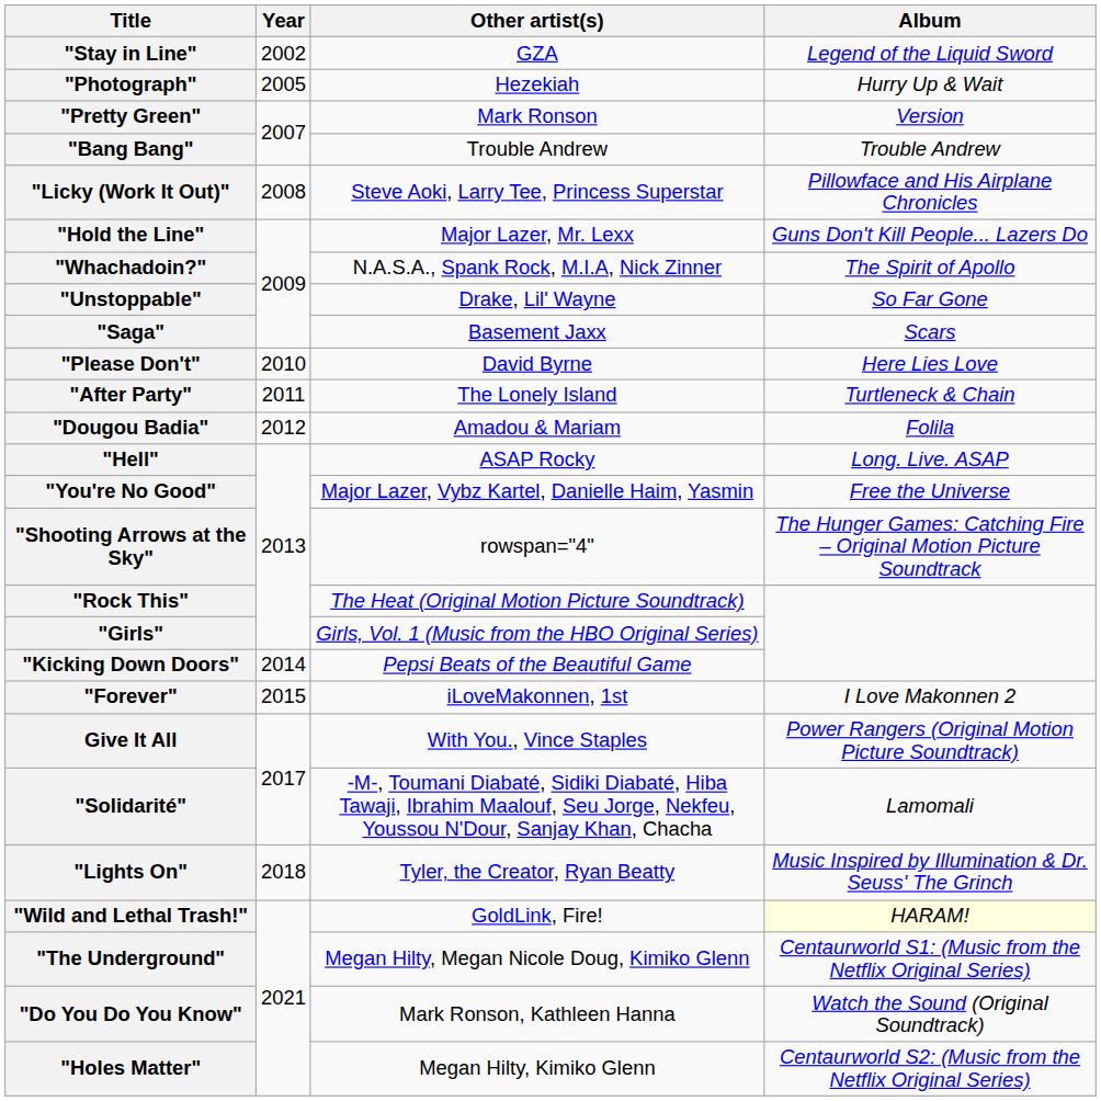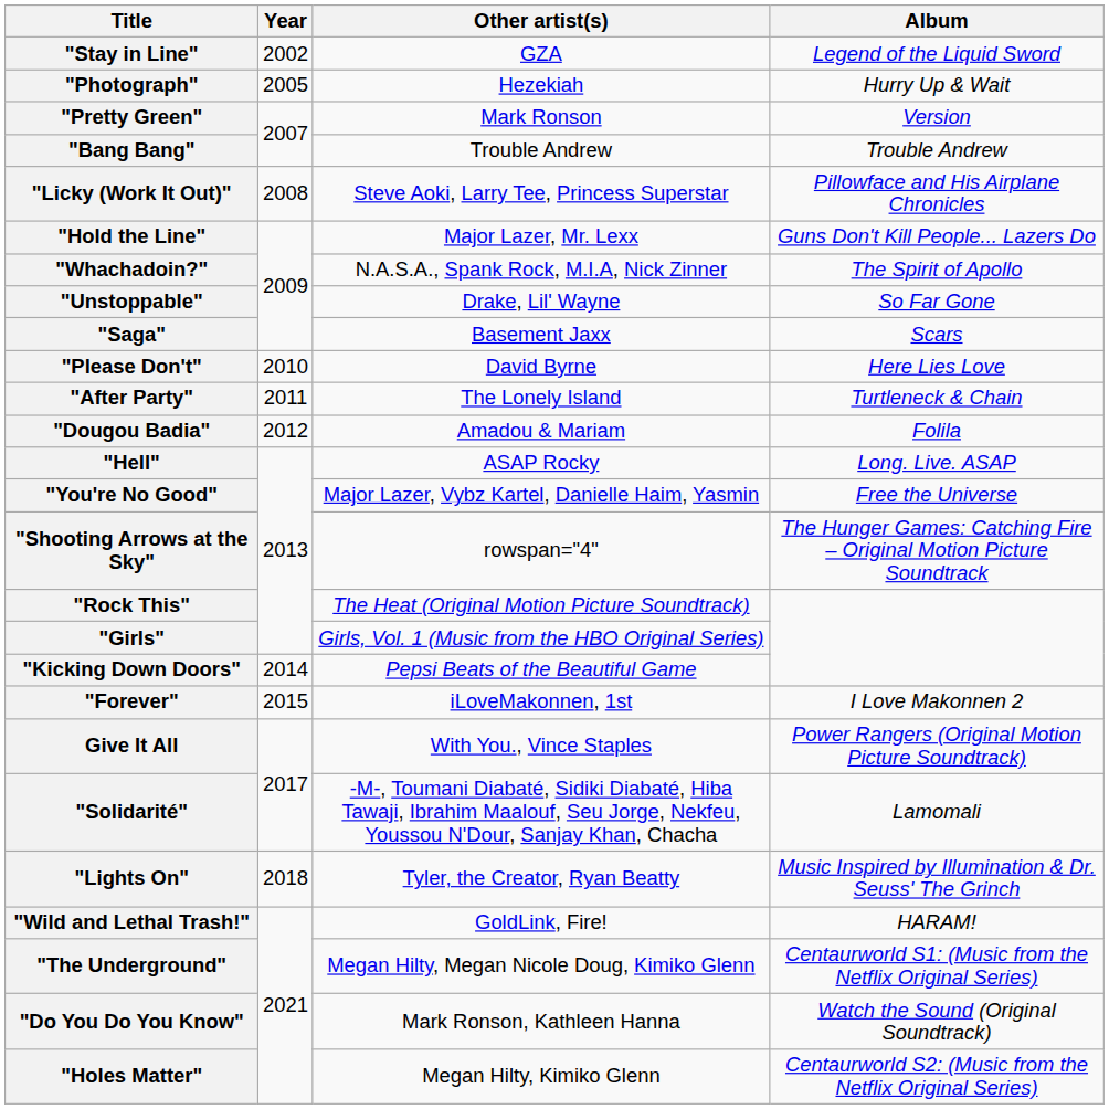 <table class="wikitable plainrowheaders" style="text-align:center">
 <tr>
 <th scope="col" style="width:12em;">Title</th>
 <th scope="col" style="width:1em;">Year</th>
 <th scope="col" style="width:22em;">Other artist(s)</th>
 <th scope="col" style="width:16em;">Album</th>
 </tr>
 <tr>
 <th scope="row">"Stay in Line"</th>
 <td>2002</td>
 <td><a href='#'>GZA</a></td>
 <td><em><a href='#'>Legend of the Liquid Sword</a></em></td>
 </tr>
 <tr>
 <th scope="row">"Photograph"</th>
 <td>2005</td>
 <td><a href='#'>Hezekiah</a></td>
 <td><em>Hurry Up & Wait</em></td>
 </tr>
 <tr>
 <th scope="row">"Pretty Green"</th>
 <td rowspan="2">2007</td>
 <td><a href='#'>Mark Ronson</a></td>
 <td><em><a href='#'>Version</a></em></td>
 </tr>
 <tr>
 <th scope="row">"Bang Bang"</th>
 <td>Trouble Andrew</td>
 <td><em>Trouble Andrew</em></td>
 </tr>
 <tr>
 <th scope="row">"Licky (Work It Out)"<br></th>
 <td>2008</td>
 <td><a href='#'>Steve Aoki</a>, <a href='#'>Larry Tee</a>, <a href='#'>Princess Superstar</a></td>
 <td><em><a href='#'>Pillowface and His Airplane Chronicles</a></em></td>
 </tr>
 <tr>
 <th scope="row">"Hold the Line"</th>
 <td rowspan="4">2009</td>
 <td><a href='#'>Major Lazer</a>, <a href='#'>Mr. Lexx</a></td>
 <td><em><a href='#'>Guns Don't Kill People... Lazers Do</a></em></td>
 </tr>
 <tr>
 <th scope="row">"Whachadoin?"</th>
 <td>N.A.S.A., <a href='#'>Spank Rock</a>, <a href='#'>M.I.A</a>, <a href='#'>Nick Zinner</a></td>
 <td><em><a href='#'>The Spirit of Apollo</a></em></td>
 </tr>
 <tr>
 <th scope="row">"Unstoppable"</th>
 <td><a href='#'>Drake</a>, <a href='#'>Lil' Wayne</a></td>
 <td><em><a href='#'>So Far Gone</a></em></td>
 </tr>
 <tr>
 <th scope="row">"Saga"</th>
 <td><a href='#'>Basement Jaxx</a></td>
 <td><em><a href='#'>Scars</a></em></td>
 </tr>
 <tr>
 <th scope="row">"Please Don't"</th>
 <td>2010</td>
 <td><a href='#'>David Byrne</a></td>
 <td><em><a href='#'>Here Lies Love</a></em></td>
 </tr>
 <tr>
 <th scope="row">"After Party"</th>
 <td>2011</td>
 <td><a href='#'>The Lonely Island</a></td>
 <td><em><a href='#'>Turtleneck & Chain</a></em></td>
 </tr>
 <tr>
 <th scope="row">"Dougou Badia"</th>
 <td>2012</td>
 <td><a href='#'>Amadou & Mariam</a></td>
 <td><em><a href='#'>Folila</a></em></td>
 </tr>
 <tr>
 <th scope="row">"Hell"</th>
 <td rowspan="5">2013</td>
 <td><a href='#'>ASAP Rocky</a></td>
 <td><em><a href='#'>Long. Live. ASAP</a></em></td>
 </tr>
 <tr>
 <th scope="row">"You're No Good"</th>
 <td><a href='#'>Major Lazer</a>, <a href='#'>Vybz Kartel</a>, <a href='#'>Danielle Haim</a>, <a href='#'>Yasmin</a></td>
 <td><em><a href='#'>Free the Universe</a></em></td>
 </tr>
 <tr>
 <th scope="row">"Shooting Arrows at the Sky"</th>
 <td>rowspan="4" </td>
 <td><em><a href='#'>The Hunger Games: Catching Fire – Original Motion Picture Soundtrack</a></em></td>
 </tr>
 <tr>
 <th scope="row">"Rock This"</th>
 <td><em><a href='#'>The Heat (Original Motion Picture Soundtrack)</a></em></td>
 </tr>
 <tr>
 <th scope="row">"Girls"</th>
 <td><em><a href='#'>Girls, Vol. 1 (Music from the HBO Original Series)</a></em></td>
 </tr>
 <tr>
 <th scope="row">"Kicking Down Doors"</th>
 <td>2014</td>
 <td><em><a href='#'>Pepsi Beats of the Beautiful Game</a></em></td>
 </tr>
 <tr>
 <th scope="row">"Forever"</th>
 <td>2015</td>
 <td><a href='#'>iLoveMakonnen</a>, <a href='#'>1st</a></td>
 <td><em>I Love Makonnen 2</em></td>
 </tr>
 <tr>
 <th scope="row">Give It All</th>
 <td rowspan="2">2017</td>
 <td><a href='#'>With You.</a>, <a href='#'>Vince Staples</a></td>
 <td><em><a href='#'>Power Rangers (Original Motion Picture Soundtrack)</a></em></td>
 </tr>
 <tr>
 <th scope="row">"Solidarité"</th>
 <td><a href='#'>-M-</a>, <a href='#'>Toumani Diabaté</a>, <a href='#'>Sidiki Diabaté</a>, <a href='#'>Hiba Tawaji</a>, <a href='#'>Ibrahim Maalouf</a>, <a href='#'>Seu Jorge</a>, <a href='#'>Nekfeu</a>, <a href='#'>Youssou N'Dour</a>, <a href='#'>Sanjay Khan</a>, Chacha</td>
 <td><em>Lamomali</em></td>
 </tr>
 <tr>
 <th scope="row">"Lights On"</th>
 <td>2018</td>
 <td><a href='#'>Tyler, the Creator</a>, <a href='#'>Ryan Beatty</a></td>
 <td><em><a href='#'>Music Inspired by Illumination & Dr. Seuss' The Grinch</a></em></td>
 </tr>
 <tr>
 <th scope="row">"Wild and Lethal Trash!"</th>
 <td rowspan="4">2021</td>
 <td><a href='#'>GoldLink</a>, Fire!</td>
-<td style="background: lightyellow;"><em>HARAM!</em></td>
+<td><em>HARAM!</em></td>
 </tr>
 <tr>
 <th scope="row">"The Underground"</th>
 <td><a href='#'>Megan Hilty</a>, Megan Nicole Doug, <a href='#'>Kimiko Glenn</a></td>
 <td><em><a href='#'>Centaurworld S1: (Music from the Netflix Original Series)</a></em></td>
 </tr>
 <tr>
 <th scope="row">"Do You Do You Know"</th>
 <td>Mark Ronson, Kathleen Hanna</td>
 <td><em><a href='#'>Watch the Sound</a> (Original Soundtrack)</em></td>
 </tr>
 <tr>
 <th scope="row">"Holes Matter"</th>
 <td>Megan Hilty, Kimiko Glenn</td>
 <td><em><a href='#'>Centaurworld S2: (Music from the Netflix Original Series)</a></em></td>
 </tr>
 </table>
